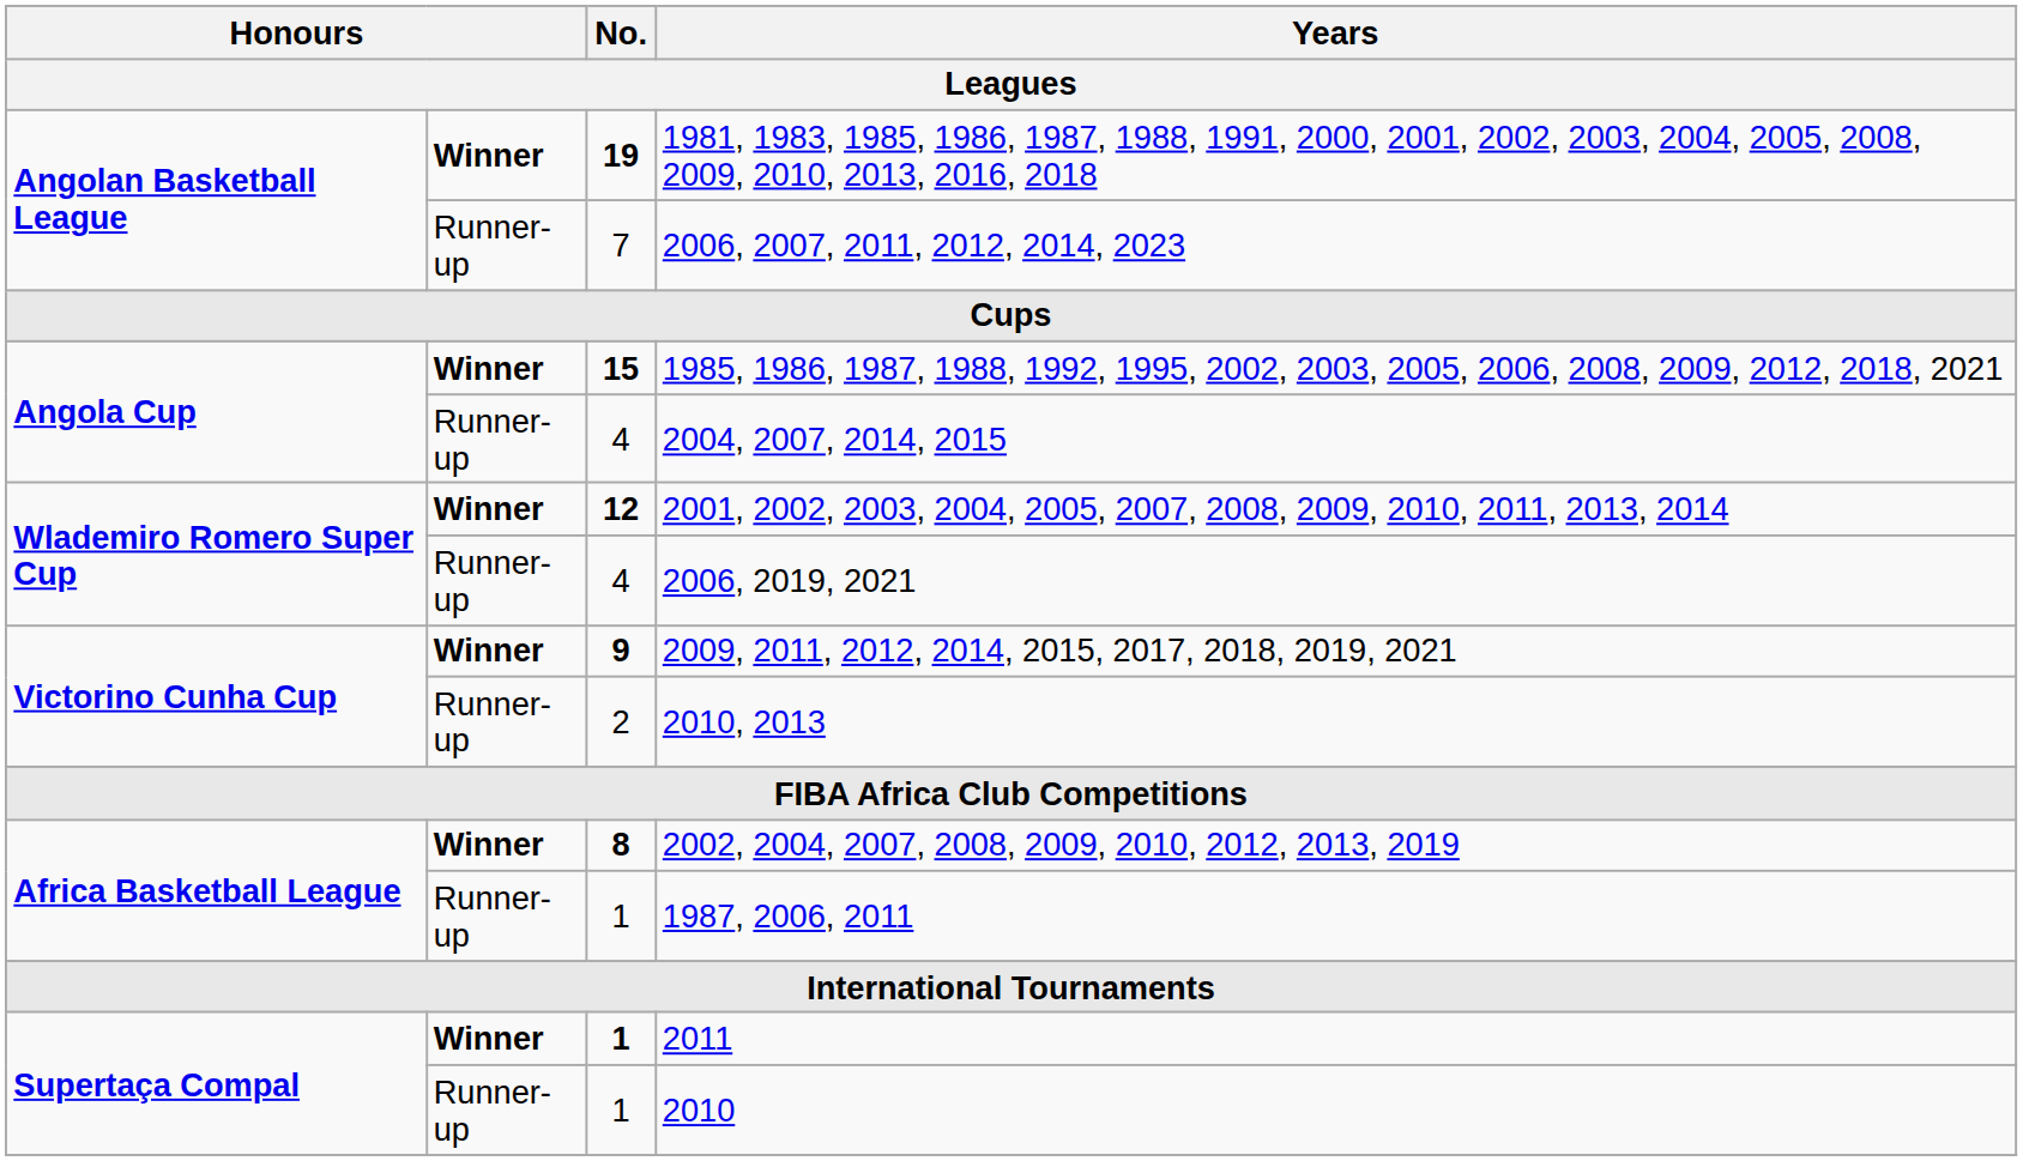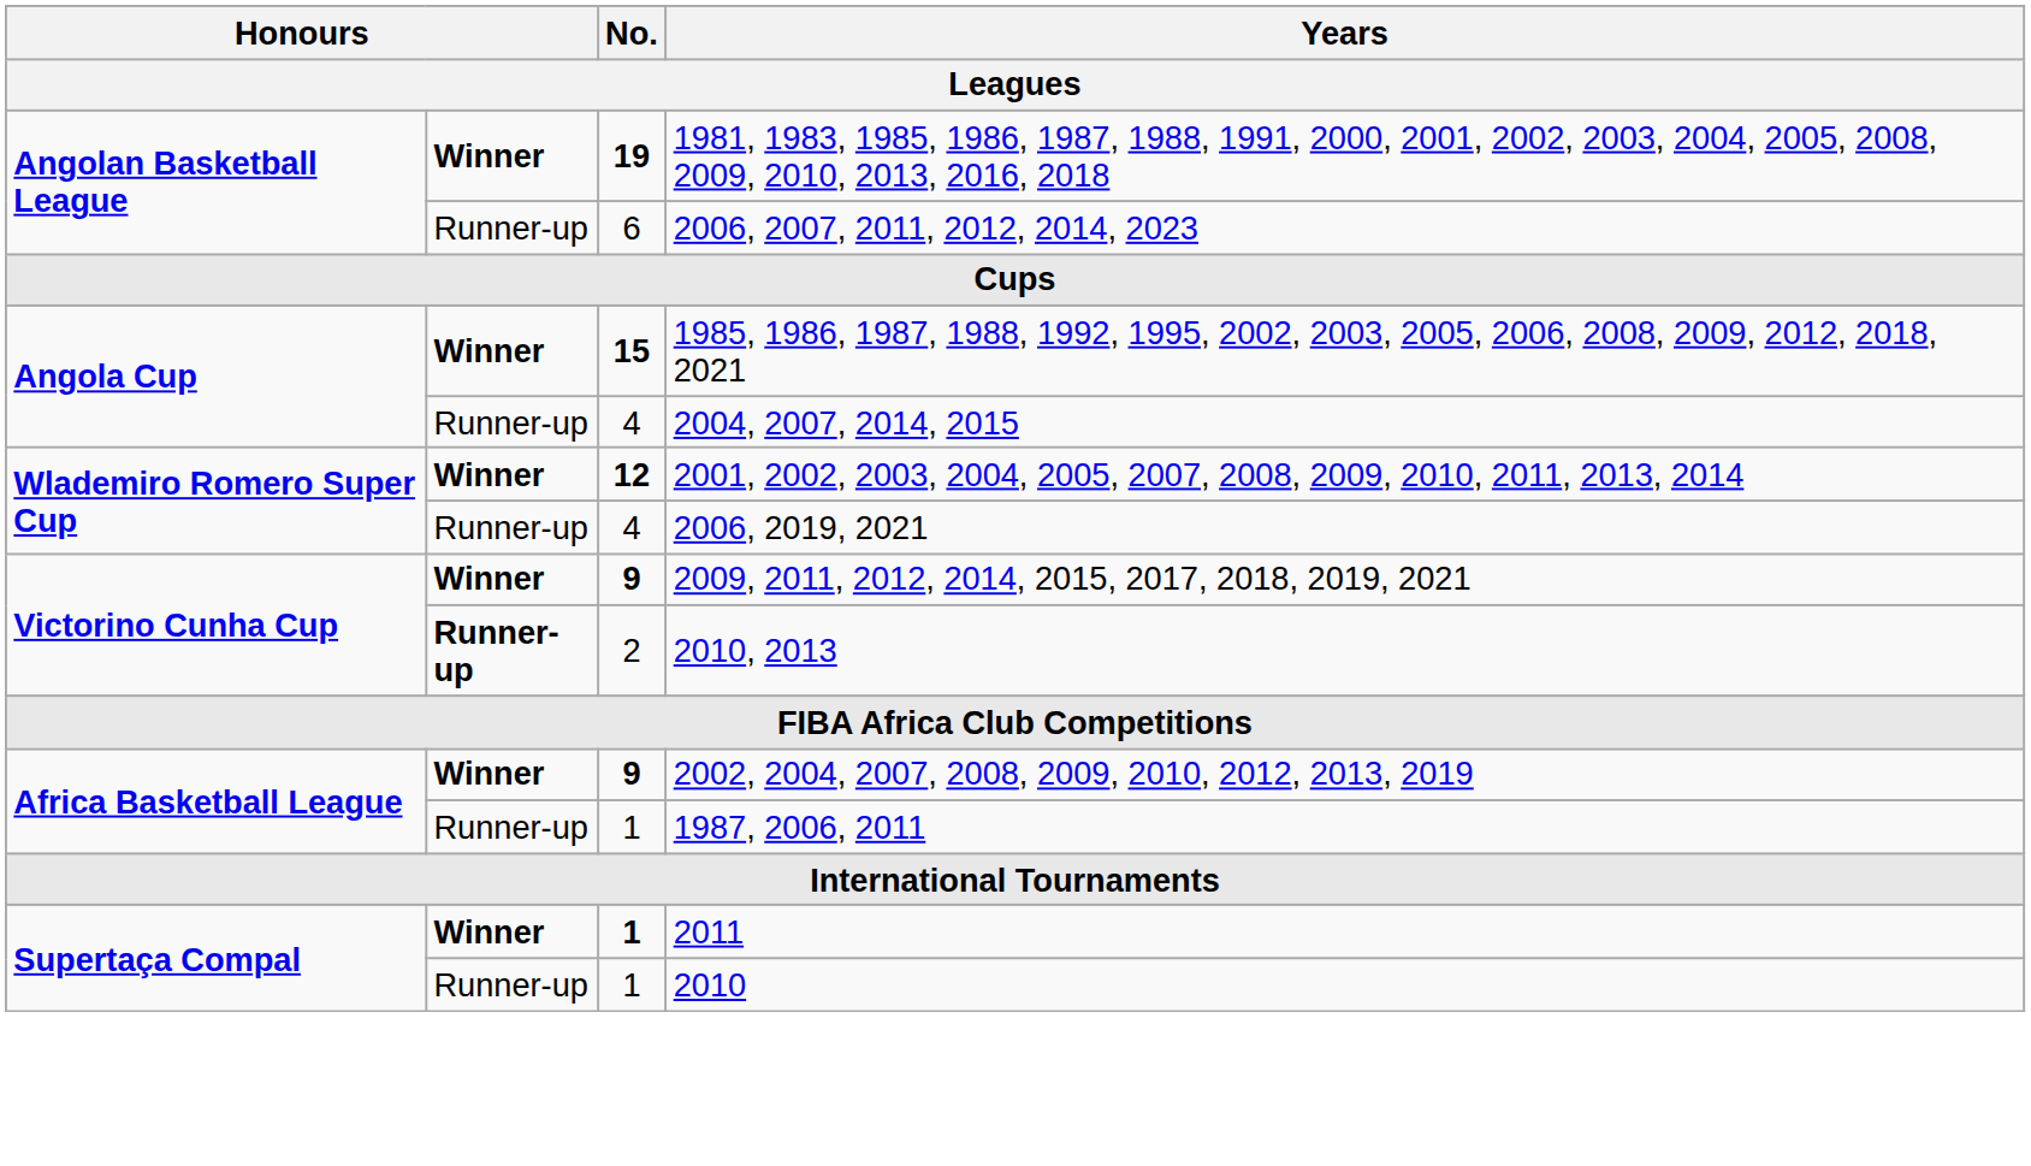 <table class="wikitable" style="font-size: 88%;">
 <tr>
 <th colspan=2>Honours</th>
 <th>No.</th>
 <th>Years</th>
 </tr>
 <tr>
 <th colspan="6">Leagues</th>
 </tr>
 <tr>
 <td rowspan=2><strong><a href='#'>Angolan Basketball League</a></strong></td>
 <td><strong>Winner</strong></td>
 <td align=center><strong>19</strong></td>
 <td><a href='#'>1981</a>, <a href='#'>1983</a>, <a href='#'>1985</a>, <a href='#'>1986</a>, <a href='#'>1987</a>, <a href='#'>1988</a>, <a href='#'>1991</a>, <a href='#'>2000</a>, <a href='#'>2001</a>, <a href='#'>2002</a>, <a href='#'>2003</a>, <a href='#'>2004</a>, <a href='#'>2005</a>, <a href='#'>2008</a>, <a href='#'>2009</a>, <a href='#'>2010</a>, <a href='#'>2013</a>, <a href='#'>2016</a>, <a href='#'>2018</a></td>
 </tr>
 <tr>
 <td>Runner-up</td>
-<td align=center>7</td>
+<td align=center>6</td>
 <td><a href='#'>2006</a>, <a href='#'>2007</a>, <a href='#'>2011</a>, <a href='#'>2012</a>, <a href='#'>2014</a>, <a href='#'>2023</a></td>
 </tr>
 <tr>
 <th colspan="6" style="background:#E8E8E8;">Cups</th>
 </tr>
 <tr>
 <td rowspan=2><strong><a href='#'>Angola Cup</a></strong></td>
 <td><strong>Winner</strong></td>
 <td align=center><strong>15</strong></td>
 <td><a href='#'>1985</a>, <a href='#'>1986</a>, <a href='#'>1987</a>, <a href='#'>1988</a>, <a href='#'>1992</a>, <a href='#'>1995</a>, <a href='#'>2002</a>, <a href='#'>2003</a>, <a href='#'>2005</a>, <a href='#'>2006</a>, <a href='#'>2008</a>, <a href='#'>2009</a>, <a href='#'>2012</a>, <a href='#'>2018</a>, 2021</td>
 </tr>
 <tr>
 <td>Runner-up</td>
 <td align=center>4</td>
 <td><a href='#'>2004</a>, <a href='#'>2007</a>, <a href='#'>2014</a>, <a href='#'>2015</a></td>
 </tr>
 <tr>
 <td rowspan=2><strong><a href='#'>Wlademiro Romero Super Cup</a></strong></td>
 <td><strong>Winner</strong></td>
 <td align=center><strong>12</strong></td>
 <td><a href='#'>2001</a>, <a href='#'>2002</a>, <a href='#'>2003</a>, <a href='#'>2004</a>, <a href='#'>2005</a>, <a href='#'>2007</a>, <a href='#'>2008</a>, <a href='#'>2009</a>, <a href='#'>2010</a>, <a href='#'>2011</a>, <a href='#'>2013</a>, <a href='#'>2014</a></td>
 </tr>
 <tr>
 <td>Runner-up</td>
 <td align=center>4</td>
 <td><a href='#'>2006</a>, 2019, 2021</td>
 </tr>
 <tr>
 <td rowspan=2><strong><a href='#'>Victorino Cunha Cup</a></strong></td>
 <td><strong>Winner</strong></td>
 <td align=center><strong>9</strong></td>
 <td><a href='#'>2009</a>, <a href='#'>2011</a>, <a href='#'>2012</a>, <a href='#'>2014</a>, 2015, 2017, 2018, 2019, 2021</td>
 </tr>
 <tr>
-<td>Runner-up</td>
+<td><strong>Runner-up</strong></td>
 <td align=center>2</td>
 <td><a href='#'>2010</a>, <a href='#'>2013</a></td>
 </tr>
 <tr>
 <th colspan="6" style="background:#E8E8E8;">FIBA Africa Club Competitions</th>
 </tr>
 <tr>
 <td rowspan=2><strong><a href='#'>Africa Basketball League</a></strong></td>
 <td><strong>Winner</strong></td>
-<td align=center><strong>8</strong></td>
+<td align=center><strong>9</strong></td>
 <td><a href='#'>2002</a>, <a href='#'>2004</a>, <a href='#'>2007</a>, <a href='#'>2008</a>, <a href='#'>2009</a>, <a href='#'>2010</a>, <a href='#'>2012</a>, <a href='#'>2013</a>, <a href='#'>2019</a></td>
 </tr>
 <tr>
 <td>Runner-up</td>
 <td align=center>1</td>
 <td><a href='#'>1987</a>, <a href='#'>2006</a>, <a href='#'>2011</a></td>
 </tr>
 <tr>
 <th colspan="6" style="background:#E8E8E8;">International Tournaments</th>
 </tr>
 <tr>
 <td rowspan=2><strong><a href='#'>Supertaça Compal</a></strong></td>
 <td><strong>Winner</strong></td>
 <td align=center><strong>1</strong></td>
 <td><a href='#'>2011</a></td>
 </tr>
 <tr>
 <td>Runner-up</td>
 <td align=center>1</td>
 <td><a href='#'>2010</a></td>
 </tr>
 <tr>
 </tr>
 </table>
